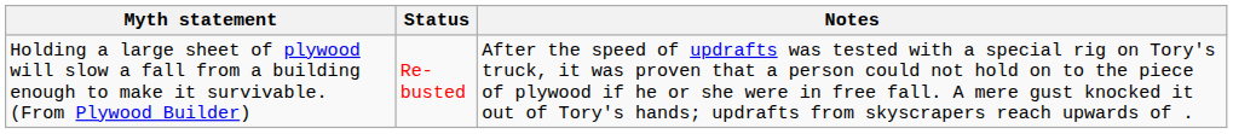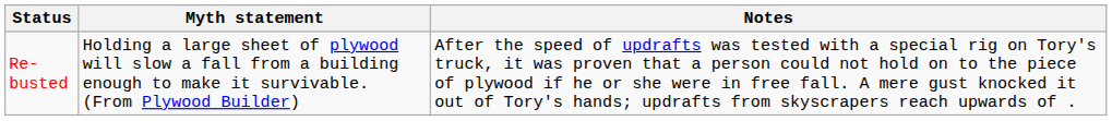 <table class="wikitable plainrowheaders">
 <tr>
+<th>Status</th>
 <th>Myth statement</th>
-<th>Status</th>
 <th>Notes</th>
 </tr>
 <tr>
+<td style="color:red">Re-busted</td>
 <td>Holding a large sheet of <a href='#'>plywood</a> will slow a fall from a building enough to make it survivable. (From <a href='#'>Plywood Builder</a>)</td>
-<td style="color:red">Re-busted</td>
 <td>After the speed of <a href='#'>updrafts</a> was tested with a special rig on Tory's truck, it was proven that a person could not hold on to the piece of plywood if he or she were in free fall. A mere  gust knocked it out of Tory's hands; updrafts from skyscrapers reach upwards of .</td>
 </tr>
 </table>
